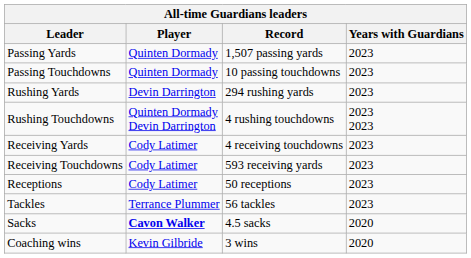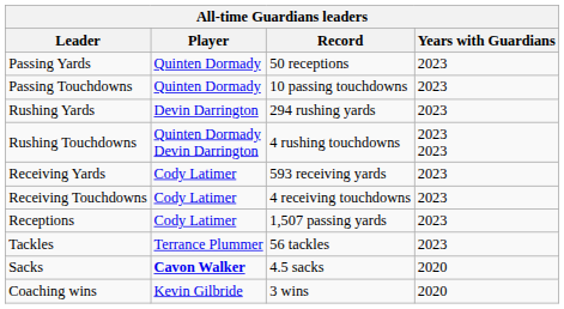 <table class="wikitable">
 <tr>
 <th colspan="5">All-time Guardians leaders</th>
 </tr>
 <tr>
 <th>Leader</th>
 <th>Player</th>
 <th>Record</th>
 <th>Years with Guardians</th>
 </tr>
 <tr>
 <td>Passing Yards</td>
 <td><a href='#'>Quinten Dormady</a></td>
-<td>1,507 passing yards</td>
+<td>50 receptions</td>
 <td>2023</td>
 </tr>
 <tr>
 <td>Passing Touchdowns</td>
 <td><a href='#'>Quinten Dormady</a></td>
 <td>10 passing touchdowns</td>
 <td>2023</td>
 </tr>
 <tr>
 <td>Rushing Yards</td>
 <td><a href='#'>Devin Darrington</a></td>
 <td>294 rushing yards</td>
 <td>2023</td>
 </tr>
 <tr>
 <td>Rushing Touchdowns</td>
 <td><a href='#'>Quinten Dormady</a><br><a href='#'>Devin Darrington</a></td>
 <td>4 rushing touchdowns</td>
 <td>2023<br>2023</td>
 </tr>
 <tr>
 <td>Receiving Yards</td>
 <td><a href='#'>Cody Latimer</a></td>
-<td>4 receiving touchdowns</td>
+<td>593 receiving yards</td>
 <td>2023</td>
 </tr>
 <tr>
 <td>Receiving Touchdowns</td>
 <td><a href='#'>Cody Latimer</a></td>
-<td>593 receiving yards</td>
+<td>4 receiving touchdowns</td>
 <td>2023</td>
 </tr>
 <tr>
 <td>Receptions</td>
 <td><a href='#'>Cody Latimer</a></td>
-<td>50 receptions</td>
+<td>1,507 passing yards</td>
 <td>2023</td>
 </tr>
 <tr>
 <td>Tackles</td>
 <td><a href='#'>Terrance Plummer</a></td>
 <td>56 tackles</td>
 <td>2023</td>
 </tr>
 <tr>
 <td>Sacks</td>
 <td><strong><a href='#'>Cavon Walker</a></strong></td>
 <td>4.5 sacks</td>
 <td>2020</td>
 </tr>
 <tr>
 <td>Coaching wins</td>
 <td><a href='#'>Kevin Gilbride</a></td>
 <td>3 wins</td>
 <td>2020</td>
 </tr>
 </table>
